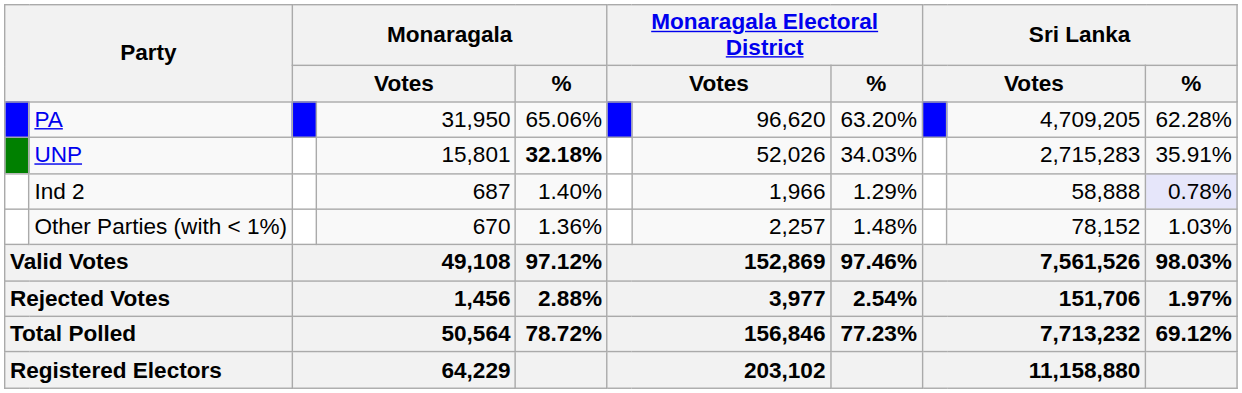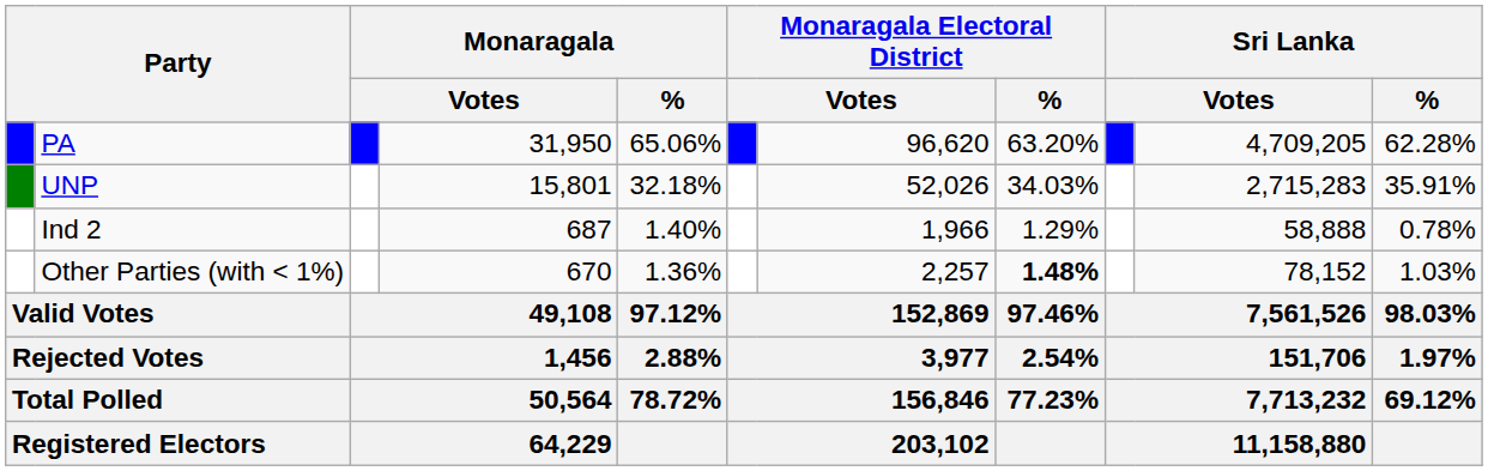 <table class="wikitable">
 <tr>
 <th colspan="2" width="144px"rowspan="2">Party</th>
 <th colspan="3" width="216px">Monaragala</th>
 <th colspan="3" width="216px"><a href='#'>Monaragala Electoral District</a></th>
 <th colspan="3" width="216px">Sri Lanka</th>
 </tr>
 <tr>
 <th colspan="2" width="144px">Votes</th>
 <th>%</th>
 <th colspan="2" width="144px">Votes</th>
 <th>%</th>
 <th colspan="2" width="144px">Votes</th>
 <th>%</th>
 </tr>
 <tr>
 <td style="background-color:blue;" width="10px"></td>
 <td style="text-align:left;"><a href='#'>PA</a></td>
 <td style="background-color:blue;" width="10px"></td>
 <td style="text-align:right;">31,950</td>
 <td style="text-align:right;">65.06%</td>
 <td style="background-color:blue;" width="10px"></td>
 <td style="text-align:right;">96,620</td>
 <td style="text-align:right;">63.20%</td>
 <td style="background-color:blue;" width="10px"></td>
 <td style="text-align:right;">4,709,205</td>
 <td style="text-align:right;">62.28%</td>
 </tr>
 <tr>
 <td style="background-color:green;" width="10px"></td>
 <td style="text-align:left;"><a href='#'>UNP</a></td>
 <td style="background-color:white;" width="10px"></td>
 <td style="text-align:right;">15,801</td>
-<td style="text-align:right;"><strong>32.18%</strong></td>
+<td style="text-align:right;">32.18%</td>
 <td style="background-color:white;" width="10px"></td>
 <td style="text-align:right;">52,026</td>
 <td style="text-align:right;">34.03%</td>
 <td style="background-color:white;" width="10px"></td>
 <td style="text-align:right;">2,715,283</td>
 <td style="text-align:right;">35.91%</td>
 </tr>
 <tr>
 <td style="background-color:white;" width="10px"></td>
 <td style="text-align:left;">Ind 2</td>
 <td style="background-color:white;" width="10px"></td>
 <td style="text-align:right;">687</td>
 <td style="text-align:right;">1.40%</td>
 <td style="background-color:white;" width="10px"></td>
 <td style="text-align:right;">1,966</td>
 <td style="text-align:right;">1.29%</td>
 <td style="background-color:white;" width="10px"></td>
 <td style="text-align:right;">58,888</td>
-<td style="background: lavender; text-align:right;">0.78%</td>
+<td style="text-align:right;">0.78%</td>
 </tr>
 <tr>
 <td style="background-color:white;" width="10px"></td>
 <td style="text-align:left;">Other Parties (with < 1%)</td>
 <td style="background-color:white;" width="10px"></td>
 <td style="text-align:right;">670</td>
 <td style="text-align:right;">1.36%</td>
 <td style="background-color:white;" width="10px"></td>
 <td style="text-align:right;">2,257</td>
-<td style="text-align:right;">1.48%</td>
+<td style="text-align:right;"><strong>1.48%</strong></td>
 <td style="background-color:white;" width="10px"></td>
 <td style="text-align:right;">78,152</td>
 <td style="text-align:right;">1.03%</td>
 </tr>
 <tr>
 <th colspan="2" width="144px"style="text-align:left;">Valid Votes</th>
 <th style="text-align:right;"colspan="2" width="144px">49,108</th>
 <th style="text-align:right;">97.12%</th>
 <th style="text-align:right;"colspan="2" width="144px">152,869</th>
 <th style="text-align:right;">97.46%</th>
 <th style="text-align:right;"colspan="2" width="144px">7,561,526</th>
 <th style="text-align:right;">98.03%</th>
 </tr>
 <tr>
 <th colspan="2" width="144px"style="text-align:left;">Rejected Votes</th>
 <th style="text-align:right;"colspan="2" width="144px">1,456</th>
 <th style="text-align:right;">2.88%</th>
 <th style="text-align:right;"colspan="2" width="144px">3,977</th>
 <th style="text-align:right;">2.54%</th>
 <th style="text-align:right;"colspan="2" width="144px">151,706</th>
 <th style="text-align:right;">1.97%</th>
 </tr>
 <tr>
 <th colspan="2" width="144px"style="text-align:left;">Total Polled</th>
 <th style="text-align:right;"colspan="2" width="144px">50,564</th>
 <th style="text-align:right;">78.72%</th>
 <th style="text-align:right;"colspan="2" width="144px">156,846</th>
 <th style="text-align:right;">77.23%</th>
 <th style="text-align:right;"colspan="2" width="144px">7,713,232</th>
 <th style="text-align:right;">69.12%</th>
 </tr>
 <tr>
 <th colspan="2" width="144px"style="text-align:left;">Registered Electors</th>
 <th style="text-align:right;"colspan="2" width="144px">64,229</th>
 <th></th>
 <th style="text-align:right;"colspan="2" width="144px">203,102</th>
 <th></th>
 <th style="text-align:right;"colspan="2" width="144px">11,158,880</th>
 <th></th>
 </tr>
 </table>
